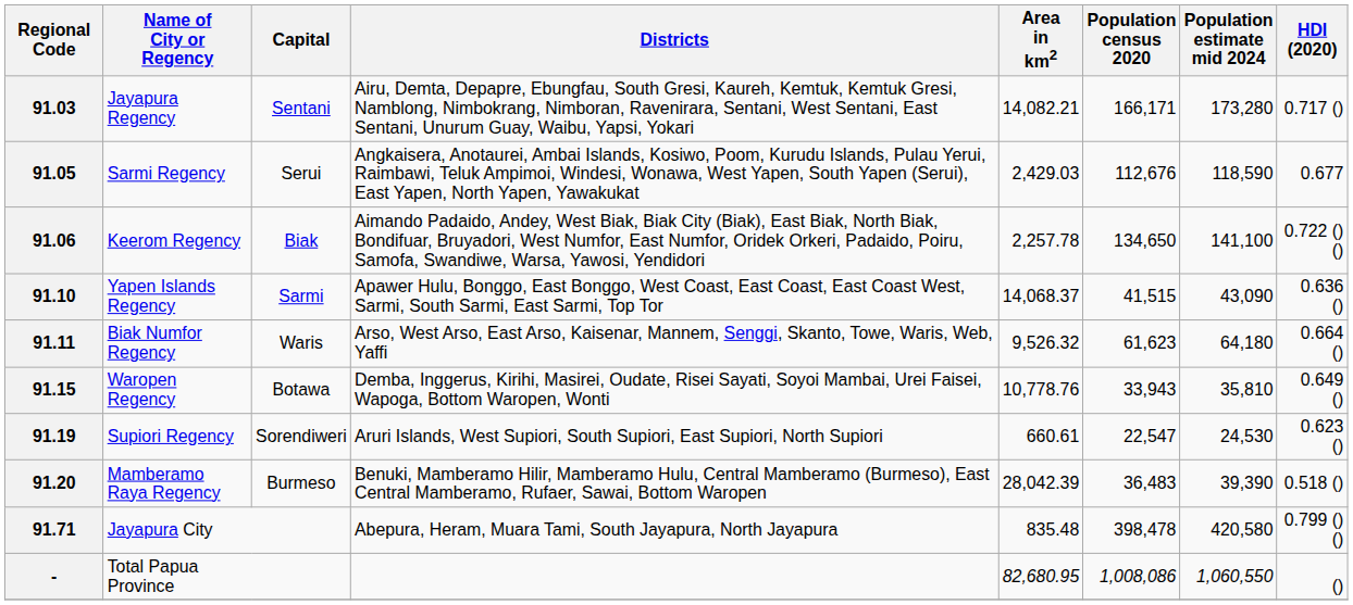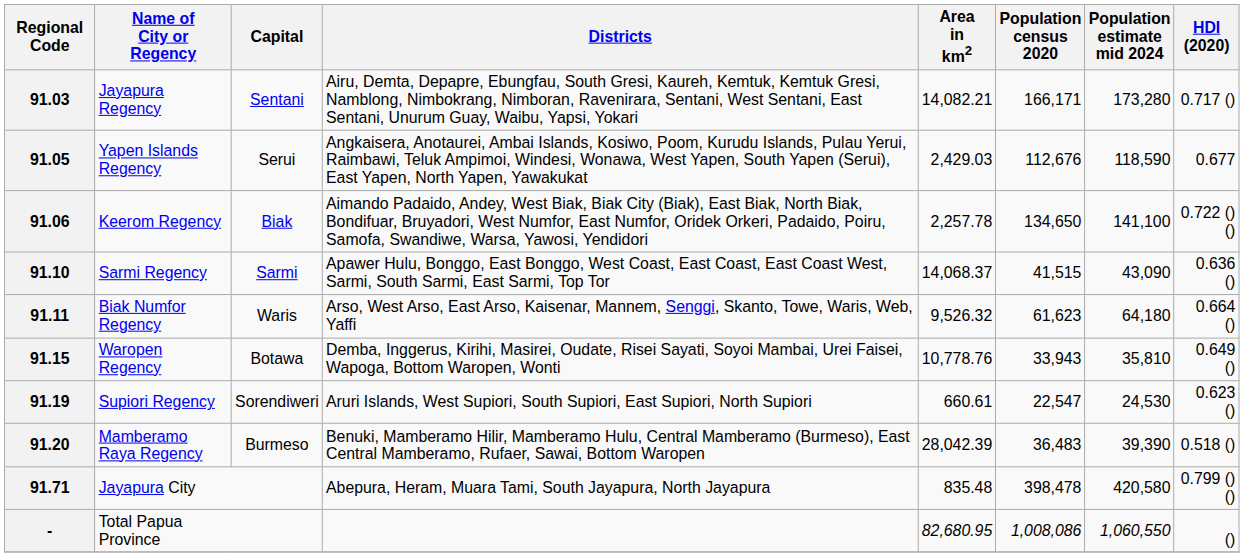 <table class="wikitable collapsible">
 <tr>
 <th>Regional Code</th>
 <th><a href='#'>Name of<br>City or<br>Regency</a></th>
 <th>Capital</th>
 <th><a href='#'>Districts</a></th>
 <th>Area <br>in <br>km<sup>2</sup></th>
 <th>Population <br>census<br>2020</th>
 <th>Population <br>estimate<br>mid 2024</th>
 <th><a href='#'>HDI</a> (2020)</th>
 </tr>
 <tr>
 <th>91.03</th>
 <td align="left"> <a href='#'>Jayapura Regency</a></td>
 <td align="center"><a href='#'>Sentani</a></td>
 <td>Airu, Demta, Depapre, Ebungfau, South Gresi, Kaureh, Kemtuk, Kemtuk Gresi, Namblong, Nimbokrang, Nimboran, Ravenirara, Sentani, West Sentani, East Sentani, Unurum Guay, Waibu, Yapsi, Yokari</td>
 <td align="right">14,082.21</td>
 <td align="right">166,171</td>
 <td align="right">173,280</td>
 <td align="right">0.717 ()</td>
 </tr>
 <tr>
 <th>91.05</th>
-<td align="left"> <a href='#'>Sarmi Regency</a></td>
+<td align="left"> <a href='#'>Yapen Islands Regency</a></td>
 <td align="center">Serui</td>
 <td>Angkaisera, Anotaurei, Ambai Islands, Kosiwo, Poom, Kurudu Islands, Pulau Yerui, Raimbawi, Teluk Ampimoi, Windesi, Wonawa, West Yapen, South Yapen (Serui), East Yapen, North Yapen, Yawakukat</td>
 <td align="right">2,429.03</td>
 <td align="right">112,676</td>
 <td align="right">118,590</td>
 <td align="right">0.677</td>
 </tr>
 <tr>
 <th>91.06</th>
 <td align="left"> <a href='#'>Keerom Regency</a></td>
 <td align="center"><a href='#'>Biak</a></td>
 <td>Aimando Padaido, Andey, West Biak, Biak City (Biak), East Biak, North Biak, Bondifuar, Bruyadori, West Numfor, East Numfor, Oridek Orkeri, Padaido, Poiru, Samofa, Swandiwe, Warsa, Yawosi, Yendidori</td>
 <td align="right">2,257.78</td>
 <td align="right">134,650</td>
 <td align="right">141,100</td>
 <td align="right">0.722 ()<br>()</td>
 </tr>
 <tr>
 <th>91.10</th>
-<td align="left"> <a href='#'>Yapen Islands Regency</a></td>
+<td align="left"> <a href='#'>Sarmi Regency</a></td>
 <td align="center"><a href='#'>Sarmi</a></td>
 <td>Apawer Hulu, Bonggo, East Bonggo, West Coast, East Coast, East Coast West, Sarmi, South Sarmi, East Sarmi, Top Tor</td>
 <td align="right">14,068.37</td>
 <td align="right">41,515</td>
 <td align="right">43,090</td>
 <td align="right">0.636<br>()</td>
 </tr>
 <tr>
 <th>91.11</th>
 <td align="left"> <a href='#'>Biak Numfor Regency</a></td>
 <td align="center">Waris</td>
 <td>Arso, West Arso, East Arso, Kaisenar, Mannem, <a href='#'>Senggi</a>, Skanto, Towe, Waris, Web, Yaffi</td>
 <td align="right">9,526.32</td>
 <td align="right">61,623</td>
 <td align="right">64,180</td>
 <td align="right">0.664<br>()</td>
 </tr>
 <tr>
 <th>91.15</th>
 <td align="left"> <a href='#'>Waropen Regency</a></td>
 <td align="center">Botawa</td>
 <td>Demba, Inggerus, Kirihi, Masirei, Oudate, Risei Sayati, Soyoi Mambai, Urei Faisei, Wapoga, Bottom Waropen, Wonti</td>
 <td align="right">10,778.76</td>
 <td align="right">33,943</td>
 <td align="right">35,810</td>
 <td align="right">0.649<br>()</td>
 </tr>
 <tr>
 <th>91.19</th>
 <td align="left"> <a href='#'>Supiori Regency</a></td>
 <td align="center">Sorendiweri</td>
 <td>Aruri Islands, West Supiori, South Supiori, East Supiori, North Supiori</td>
 <td align="right">660.61</td>
 <td align="right">22,547</td>
 <td align="right">24,530</td>
 <td align="right">0.623<br>()</td>
 </tr>
 <tr>
 <th>91.20</th>
 <td align="left"> <a href='#'>Mamberamo Raya Regency</a></td>
 <td align="center">Burmeso</td>
 <td>Benuki, Mamberamo Hilir, Mamberamo Hulu, Central Mamberamo (Burmeso), East Central Mamberamo, Rufaer, Sawai, Bottom Waropen</td>
 <td align="right">28,042.39</td>
 <td align="right">36,483</td>
 <td align="right">39,390</td>
 <td align="right">0.518 ()</td>
 </tr>
 <tr>
 <th>91.71</th>
 <td colspan="2" align="left"> <a href='#'>Jayapura</a> City</td>
 <td>Abepura, Heram, Muara Tami, South Jayapura, North Jayapura</td>
 <td align="right">835.48</td>
 <td align="right">398,478</td>
 <td align="right">420,580</td>
 <td align="right">0.799 ()<br>()</td>
 </tr>
 <tr>
 <th>-</th>
 <td colspan="2" align="left">Total Papua<br>Province</td>
 <td></td>
 <td align="right"><em>82,680.95</em></td>
 <td align="right"><em>1,008,086</em></td>
 <td align="right"><em>1,060,550</em></td>
 <td align="right"><br>()</td>
 </tr>
 <tr>
 </tr>
 </table>
